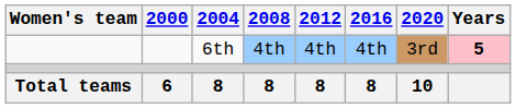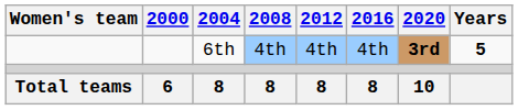 <table class="wikitable" style="text-align: center; font-size: 90%; margin-left: 1em;">
 <tr>
 <th>Women's team</th>
 <th><a href='#'>2000</a></th>
 <th><a href='#'>2004</a></th>
 <th><a href='#'>2008</a></th>
 <th><a href='#'>2012</a></th>
 <th><a href='#'>2016</a></th>
 <th><a href='#'>2020</a></th>
 <th>Years</th>
 </tr>
 <tr>
 <td style="text-align: left;"></td>
 <td></td>
 <td>6th</td>
 <td style="background-color: #9acdff;">4th</td>
 <td style="background-color: #9acdff;">4th</td>
 <td style="background-color: #9acdff;">4th</td>
-<td style="background-color: #cc9966;">3rd</td>
-<td style="background: pink;"><strong>5</strong></td>
+<td style="background-color: #cc9966;"><strong>3rd</strong></td>
+<td><strong>5</strong></td>
 </tr>
 <tr style="background-color: lightgrey;">
 <td colspan="8"></td>
 </tr>
 <tr>
 <th>Total teams</th>
 <th>6</th>
 <th>8</th>
 <th>8</th>
 <th>8</th>
 <th>8</th>
 <th>10</th>
 <th></th>
 </tr>
 </table>
